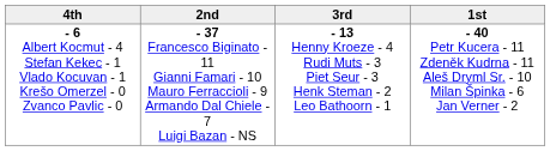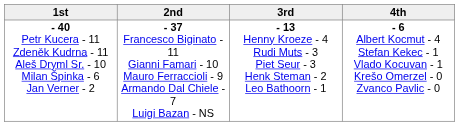 <table border=1 cellpadding=2 cellspacing=0 width=75% style="border-collapse:collapse">
 <tr align=center style="background:#efefef;">
-<th width=20%>4th</th>
+<th width=20% >1st</th>
 <th width=20% >2nd</th>
 <th width=20% >3rd</th>
-<th width=20% >1st</th>
+<th width=20%>4th</th>
 </tr>
 <tr align=center>
-<td valign=top><strong> - 6</strong><br><a href='#'>Albert Kocmut</a> - 4 <br><a href='#'>Stefan Kekec</a> - 1 <br><a href='#'>Vlado Kocuvan</a> - 1 <br><a href='#'>Krešo Omerzel</a> - 0 <br><a href='#'>Zvanco Pavlic</a> - 0</td>
+<td valign=top ><strong> - 40</strong><br><a href='#'>Petr Kucera</a> - 11 <br><a href='#'>Zdeněk Kudrna</a> - 11 <br><a href='#'>Aleš Dryml Sr.</a> - 10 <br><a href='#'>Milan Špinka</a> - 6 <br><a href='#'>Jan Verner</a> - 2</td>
 <td valign=top ><strong> - 37</strong><br><a href='#'>Francesco Biginato</a> - 11 <br><a href='#'>Gianni Famari</a> - 10 <br><a href='#'>Mauro Ferraccioli</a> - 9 <br><a href='#'>Armando Dal Chiele</a> - 7 <br><a href='#'>Luigi Bazan</a> - NS</td>
 <td valign=top ><strong> - 13</strong><br><a href='#'>Henny Kroeze</a> - 4 <br><a href='#'>Rudi Muts</a> - 3 <br><a href='#'>Piet Seur</a> - 3 <br><a href='#'>Henk Steman</a> - 2 <br><a href='#'>Leo Bathoorn</a> - 1</td>
-<td valign=top ><strong> - 40</strong><br><a href='#'>Petr Kucera</a> - 11 <br><a href='#'>Zdeněk Kudrna</a> - 11 <br><a href='#'>Aleš Dryml Sr.</a> - 10 <br><a href='#'>Milan Špinka</a> - 6 <br><a href='#'>Jan Verner</a> - 2</td>
+<td valign=top><strong> - 6</strong><br><a href='#'>Albert Kocmut</a> - 4 <br><a href='#'>Stefan Kekec</a> - 1 <br><a href='#'>Vlado Kocuvan</a> - 1 <br><a href='#'>Krešo Omerzel</a> - 0 <br><a href='#'>Zvanco Pavlic</a> - 0</td>
 </tr>
 </table>
